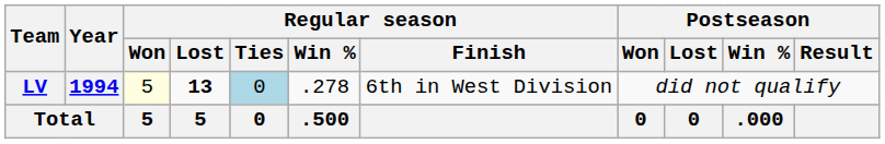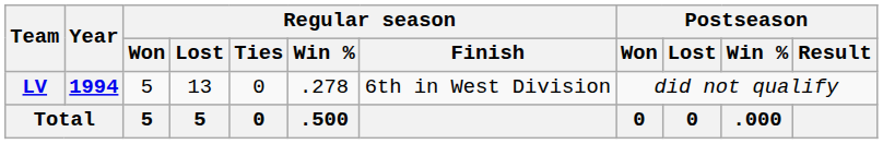 <table class="wikitable" style="font-size: 95%; text-align:center;">
 <tr>
 <th rowspan="2">Team</th>
 <th rowspan="2">Year</th>
 <th colspan="5">Regular season</th>
 <th colspan="4">Postseason</th>
 </tr>
 <tr>
 <th>Won</th>
 <th>Lost</th>
 <th>Ties</th>
 <th>Win %</th>
 <th>Finish</th>
 <th>Won</th>
 <th>Lost</th>
 <th>Win %</th>
 <th>Result</th>
 </tr>
 <tr>
 <th><a href='#'>LV</a></th>
 <th><a href='#'>1994</a></th>
-<td style="background: lightyellow;">5</td>
-<td><strong>13</strong></td>
-<td style="background: lightblue;">0</td>
+<td>5</td>
+<td>13</td>
+<td>0</td>
 <td>.278</td>
 <td>6th in West Division</td>
 <td colspan="4"><em>did not qualify</em></td>
 </tr>
 <tr>
 <th colspan="2">Total</th>
 <th>5</th>
 <th>5</th>
 <th>0</th>
 <th>.500</th>
 <th></th>
 <th>0</th>
 <th>0</th>
 <th>.000</th>
 <th></th>
 </tr>
 </table>
